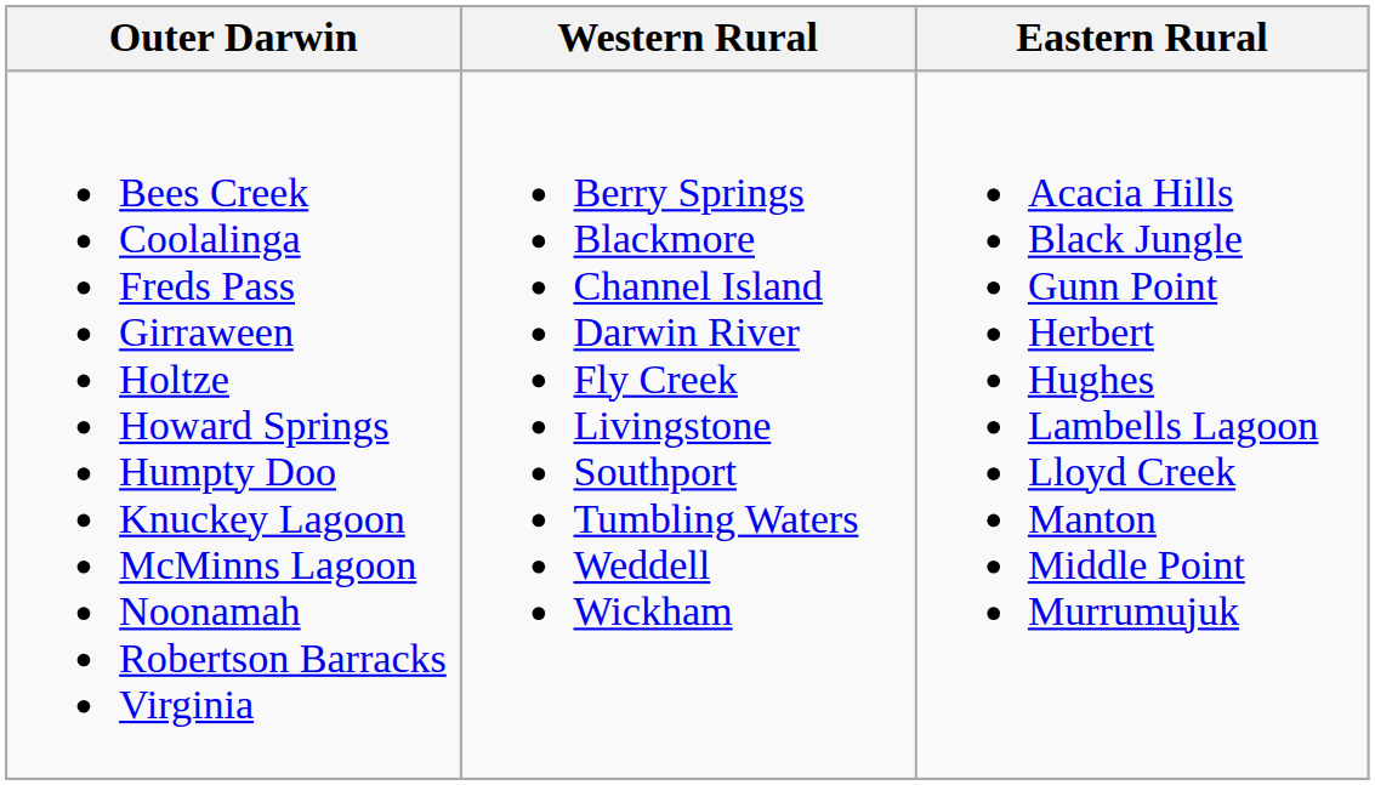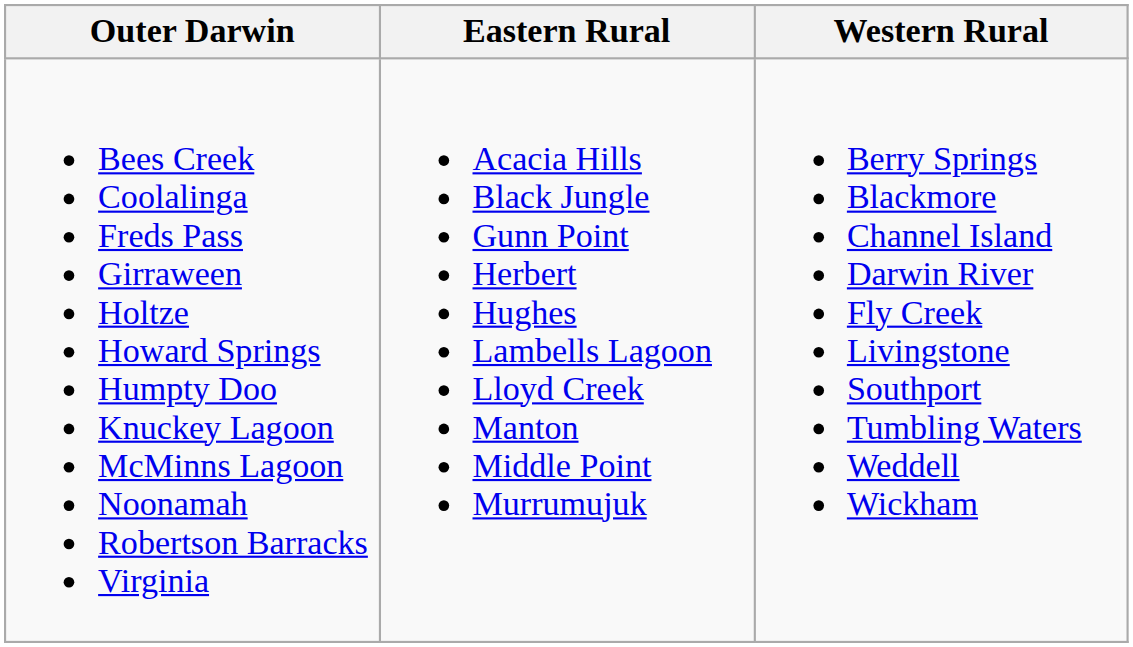 <table class=wikitable>
 <tr>
 <th>Outer Darwin</th>
+<th>Eastern Rural</th>
 <th>Western Rural</th>
-<th>Eastern Rural</th>
 </tr>
 <tr>
 <td width=33% valign=top><br><ul><li><a href='#'>Bees Creek</a></li><li><a href='#'>Coolalinga</a></li><li><a href='#'>Freds Pass</a></li><li><a href='#'>Girraween</a></li><li><a href='#'>Holtze</a></li><li><a href='#'>Howard Springs</a></li><li><a href='#'>Humpty Doo</a></li><li><a href='#'>Knuckey Lagoon</a></li><li><a href='#'>McMinns Lagoon</a></li><li><a href='#'>Noonamah</a></li><li><a href='#'>Robertson Barracks</a></li><li><a href='#'>Virginia</a></li></ul></td>
+<td width=33% valign=top><br><ul><li><a href='#'>Acacia Hills</a></li><li><a href='#'>Black Jungle</a></li><li><a href='#'>Gunn Point</a></li><li><a href='#'>Herbert</a></li><li><a href='#'>Hughes</a></li><li><a href='#'>Lambells Lagoon</a></li><li><a href='#'>Lloyd Creek</a></li><li><a href='#'>Manton</a></li><li><a href='#'>Middle Point</a></li><li><a href='#'>Murrumujuk</a></li></ul></td>
 <td width=33% valign=top><br><ul><li><a href='#'>Berry Springs</a></li><li><a href='#'>Blackmore</a></li><li><a href='#'>Channel Island</a></li><li><a href='#'>Darwin River</a></li><li><a href='#'>Fly Creek</a></li><li><a href='#'>Livingstone</a></li><li><a href='#'>Southport</a></li><li><a href='#'>Tumbling Waters</a></li><li><a href='#'>Weddell</a></li><li><a href='#'>Wickham</a></li></ul></td>
-<td width=33% valign=top><br><ul><li><a href='#'>Acacia Hills</a></li><li><a href='#'>Black Jungle</a></li><li><a href='#'>Gunn Point</a></li><li><a href='#'>Herbert</a></li><li><a href='#'>Hughes</a></li><li><a href='#'>Lambells Lagoon</a></li><li><a href='#'>Lloyd Creek</a></li><li><a href='#'>Manton</a></li><li><a href='#'>Middle Point</a></li><li><a href='#'>Murrumujuk</a></li></ul></td>
 </tr>
 </table>
